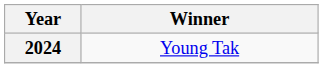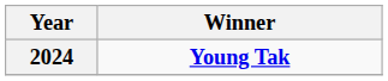 <table class="wikitable plainrowheaders" style="text-align:center">
 <tr>
 <th scope="col" width="60">Year</th>
 <th scope="col" width="200">Winner</th>
 </tr>
 <tr>
 <th scope="row">2024</th>
-<td><a href='#'>Young Tak</a></td>
+<td><strong><a href='#'>Young Tak</a></strong></td>
 </tr>
 <tr>
 </tr>
 </table>
